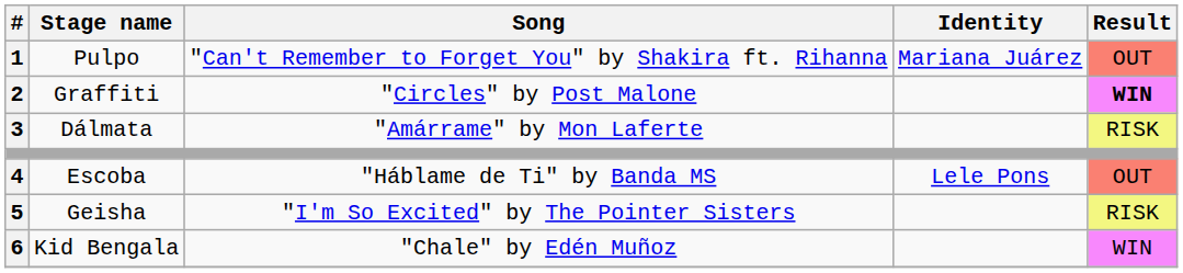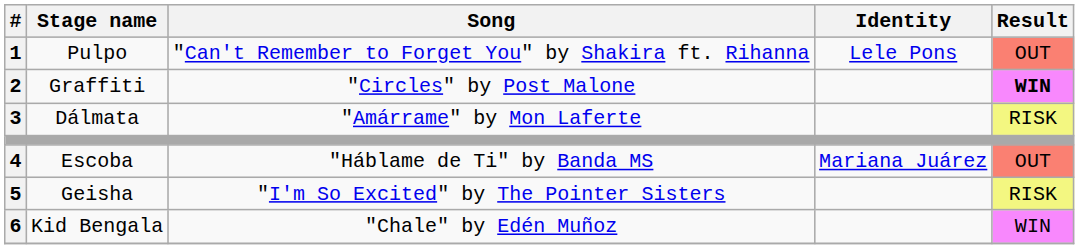 <table class="wikitable plainrowheaders" style="text-align: center;">
 <tr>
 <th>#</th>
 <th>Stage name</th>
 <th>Song</th>
 <th>Identity</th>
 <th>Result</th>
 </tr>
 <tr>
 <th>1</th>
 <td>Pulpo</td>
 <td>"<a href='#'>Can't Remember to Forget You</a>" by <a href='#'>Shakira</a> ft. <a href='#'>Rihanna</a></td>
-<td><a href='#'>Mariana Juárez</a></td>
+<td><a href='#'>Lele Pons</a></td>
 <td bgcolor=salmon>OUT</td>
 </tr>
 <tr>
 <th>2</th>
 <td>Graffiti</td>
 <td>"<a href='#'>Circles</a>" by <a href='#'>Post Malone</a></td>
 <td></td>
 <td bgcolor=#F888FD><strong>WIN</strong></td>
 </tr>
 <tr>
 <th>3</th>
 <td>Dálmata</td>
 <td>"<a href='#'>Amárrame</a>" by <a href='#'>Mon Laferte</a></td>
 <td></td>
 <td bgcolor=#F3F781>RISK</td>
 </tr>
 <tr>
 <td colspan="5" style="background:darkgray"></td>
 </tr>
 <tr>
 <th>4</th>
 <td>Escoba</td>
 <td>"Háblame de Ti" by <a href='#'>Banda MS</a></td>
-<td><a href='#'>Lele Pons</a></td>
+<td><a href='#'>Mariana Juárez</a></td>
 <td bgcolor=salmon>OUT</td>
 </tr>
 <tr>
 <th>5</th>
 <td>Geisha</td>
 <td>"<a href='#'>I'm So Excited</a>" by <a href='#'>The Pointer Sisters</a></td>
 <td></td>
 <td bgcolor=#F3F781>RISK</td>
 </tr>
 <tr>
 <th>6</th>
 <td>Kid Bengala</td>
 <td>"Chale" by <a href='#'>Edén Muñoz</a></td>
 <td></td>
 <td bgcolor=#F888FD>WIN</td>
 </tr>
 <tr>
 </tr>
 </table>
